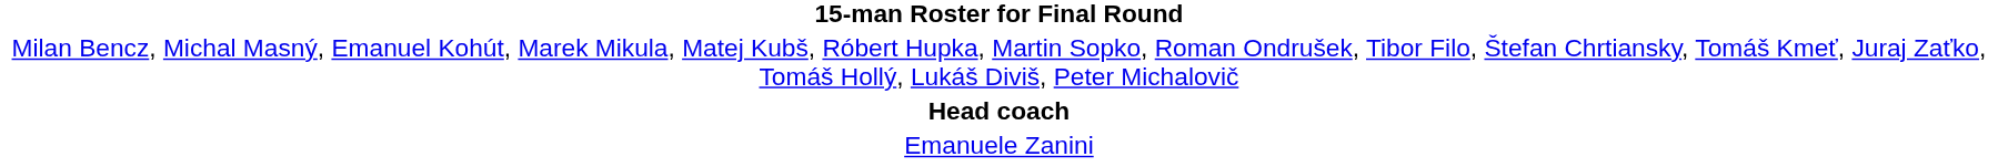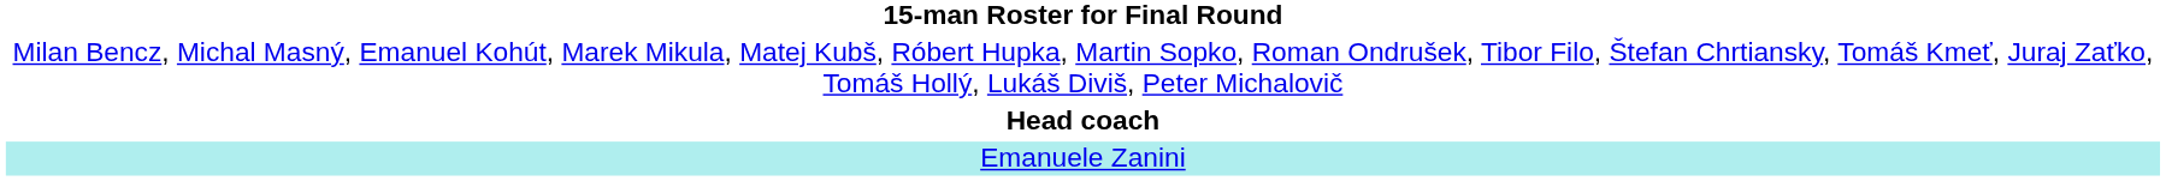 <table style="text-align: center; margin-top: 2em; margin-left: auto; margin-right: auto">
 <tr>
 <td><strong>15-man Roster for Final Round</strong></td>
 </tr>
 <tr>
 <td><a href='#'>Milan Bencz</a>, <a href='#'>Michal Masný</a>, <a href='#'>Emanuel Kohút</a>, <a href='#'>Marek Mikula</a>, <a href='#'>Matej Kubš</a>, <a href='#'>Róbert Hupka</a>, <a href='#'>Martin Sopko</a>, <a href='#'>Roman Ondrušek</a>, <a href='#'>Tibor Filo</a>, <a href='#'>Štefan Chrtiansky</a>, <a href='#'>Tomáš Kmeť</a>, <a href='#'>Juraj Zaťko</a>, <a href='#'>Tomáš Hollý</a>, <a href='#'>Lukáš Diviš</a>, <a href='#'>Peter Michalovič</a></td>
 </tr>
 <tr>
 <td><strong>Head coach</strong></td>
 </tr>
 <tr>
-<td><a href='#'>Emanuele Zanini</a></td>
+<td style="background: paleturquoise;"><a href='#'>Emanuele Zanini</a></td>
 </tr>
 </table>
